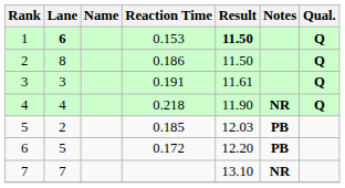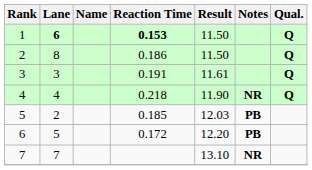 <table class="wikitable" style="text-align:center">
 <tr>
 <th>Rank</th>
 <th>Lane</th>
 <th>Name</th>
 <th>Reaction Time</th>
 <th>Result</th>
 <th>Notes</th>
 <th>Qual.</th>
 </tr>
 <tr bgcolor=ccffcc>
 <td>1</td>
 <td><strong>6</strong></td>
 <td align="left"></td>
-<td>0.153</td>
-<td><strong>11.50</strong></td>
+<td><strong>0.153</strong></td>
+<td>11.50</td>
 <td></td>
 <td><strong>Q</strong></td>
 </tr>
 <tr bgcolor=ccffcc>
 <td>2</td>
 <td>8</td>
 <td align="left"></td>
 <td>0.186</td>
 <td>11.50</td>
 <td></td>
 <td><strong>Q</strong></td>
 </tr>
 <tr bgcolor=ccffcc>
 <td>3</td>
 <td>3</td>
 <td align="left"></td>
 <td>0.191</td>
 <td>11.61</td>
 <td></td>
 <td><strong>Q</strong></td>
 </tr>
 <tr bgcolor=ccffcc>
 <td>4</td>
 <td>4</td>
 <td align="left"></td>
 <td>0.218</td>
 <td>11.90</td>
 <td><strong>NR</strong></td>
 <td><strong>Q</strong></td>
 </tr>
 <tr>
 <td>5</td>
 <td>2</td>
 <td align="left"></td>
 <td>0.185</td>
 <td>12.03</td>
 <td><strong>PB</strong></td>
 <td></td>
 </tr>
 <tr>
 <td>6</td>
 <td>5</td>
 <td align="left"></td>
 <td>0.172</td>
 <td>12.20</td>
 <td><strong>PB</strong></td>
 <td></td>
 </tr>
 <tr>
 <td>7</td>
 <td>7</td>
 <td align="left"></td>
 <td></td>
 <td>13.10</td>
 <td><strong>NR</strong></td>
 <td></td>
 </tr>
 <tr>
 </tr>
 </table>
